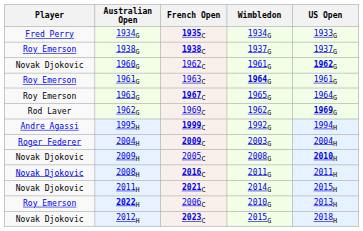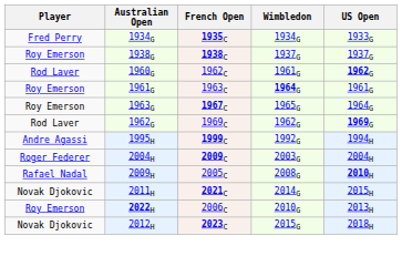 <table class="wikitable sortable nowrap col1left" style="text-align:center">
 <tr>
 <th width=140; class="unsortable">Player</th>
 <th width=100;>Australian Open</th>
 <th width=100;>French Open</th>
 <th width=100;>Wimbledon</th>
 <th width=100;>US Open</th>
 </tr>
 <tr>
 <td> <a href='#'>Fred Perry</a></td>
 <td style="background: #f2ffe6;"><a href='#'>1934</a><sub>G</sub></td>
 <td style="background: #f9f0eb;"><strong><a href='#'>1935</a></strong><sub>C</sub></td>
 <td style="background: #f2ffe6;"><a href='#'>1934</a><sub>G</sub></td>
 <td style="background: #f2ffe6;"><a href='#'>1933</a><sub>G</sub></td>
 </tr>
 <tr>
 <td> <a href='#'>Roy Emerson</a></td>
 <td style="background: #f2ffe6;"><a href='#'>1938</a><sub>G</sub></td>
 <td style="background: #f9f0eb;"><strong><a href='#'>1938</a></strong><sub>C</sub></td>
 <td style="background: #f2ffe6;"><a href='#'>1937</a><sub>G</sub></td>
 <td style="background: #f2ffe6;"><a href='#'>1937</a><sub>G</sub></td>
 </tr>
 <tr>
-<td> Novak Djokovic </td>
+<td> <a href='#'>Rod Laver</a></td>
 <td style="background: #f2ffe6;"><a href='#'>1960</a><sub>G</sub></td>
 <td style="background: #f9f0eb;"><a href='#'>1962</a><sub>C</sub></td>
 <td style="background: #f2ffe6;"><a href='#'>1961</a><sub>G</sub></td>
 <td style="background: #f2ffe6;"><strong><a href='#'>1962</a></strong><sub>G</sub></td>
 </tr>
 <tr>
 <td> <a href='#'>Roy Emerson</a></td>
 <td style="background: #f2ffe6;"><a href='#'>1961</a><sub>G</sub></td>
 <td style="background: #f9f0eb;"><a href='#'>1963</a><sub>C</sub></td>
 <td style="background: #f2ffe6;"><strong><a href='#'>1964</a></strong><sub>G</sub></td>
 <td style="background: #f2ffe6;"><a href='#'>1961</a><sub>G</sub></td>
 </tr>
 <tr>
 <td> Roy Emerson </td>
 <td style="background: #f2ffe6;"><a href='#'>1963</a><sub>G</sub></td>
 <td style="background: #f9f0eb;"><strong><a href='#'>1967</a></strong><sub>C</sub></td>
 <td style="background: #f2ffe6;"><a href='#'>1965</a><sub>G</sub></td>
 <td style="background: #f2ffe6;"><a href='#'>1964</a><sub>G</sub></td>
 </tr>
 <tr>
 <td> Rod Laver </td>
 <td style="background: #f2ffe6;"><a href='#'>1962</a><sub>G</sub></td>
 <td style="background: #f9f0eb;"><a href='#'>1969</a><sub>C</sub></td>
 <td style="background: #f2ffe6;"><a href='#'>1962</a><sub>G</sub></td>
 <td style="background: #f2ffe6;"><strong><a href='#'>1969</a></strong><sub>G</sub></td>
 </tr>
 <tr>
 <td> <a href='#'>Andre Agassi</a></td>
 <td style="background: #e6f2ff;"><a href='#'>1995</a><sub>H</sub></td>
 <td style="background: #f9f0eb;"><strong><a href='#'>1999</a></strong><sub>C</sub></td>
 <td style="background: #f2ffe6;"><a href='#'>1992</a><sub>G</sub></td>
 <td style="background: #e6f2ff;"><a href='#'>1994</a><sub>H</sub></td>
 </tr>
 <tr>
 <td> <a href='#'>Roger Federer</a></td>
 <td style="background: #e6f2ff;"><a href='#'>2004</a><sub>H</sub></td>
 <td style="background: #f9f0eb;"><strong><a href='#'>2009</a></strong><sub>C</sub></td>
 <td style="background: #f2ffe6;"><a href='#'>2003</a><sub>G</sub></td>
 <td style="background: #e6f2ff;"><a href='#'>2004</a><sub>H</sub></td>
 </tr>
 <tr>
-<td> Novak Djokovic </td>
+<td> <a href='#'>Rafael Nadal</a></td>
 <td style="background: #e6f2ff;"><a href='#'>2009</a><sub>H</sub></td>
 <td style="background: #f9f0eb;"><a href='#'>2005</a><sub>C</sub></td>
 <td style="background: #f2ffe6;"><a href='#'>2008</a><sub>G</sub></td>
 <td style="background: #e6f2ff;"><strong><a href='#'>2010</a></strong><sub>H</sub></td>
-</tr>
-<tr>
-<td> <a href='#'>Novak Djokovic</a></td>
-<td style="background: #e6f2ff;"><a href='#'>2008</a><sub>H</sub></td>
-<td style="background: #f9f0eb;"><strong><a href='#'>2016</a></strong><sub>C</sub></td>
-<td style="background: #f2ffe6;"><a href='#'>2011</a><sub>G</sub></td>
-<td style="background: #e6f2ff;"><a href='#'>2011</a><sub>H</sub></td>
 </tr>
 <tr>
 <td> Novak Djokovic </td>
 <td style="background: #e6f2ff;"><a href='#'>2011</a><sub>H</sub></td>
 <td style="background: #f9f0eb;"><strong><a href='#'>2021</a></strong><sub>C</sub></td>
 <td style="background: #f2ffe6;"><a href='#'>2014</a><sub>G</sub></td>
 <td style="background: #e6f2ff;"><a href='#'>2015</a><sub>H</sub></td>
 </tr>
 <tr>
 <td> <a href='#'>Roy Emerson</a></td>
 <td style="background: #e6f2ff;"><strong><a href='#'>2022</a></strong><sub>H</sub></td>
 <td style="background: #f9f0eb;"><a href='#'>2006</a><sub>C</sub></td>
 <td style="background: #f2ffe6;"><a href='#'>2010</a><sub>G</sub></td>
 <td style="background: #e6f2ff;"><a href='#'>2013</a><sub>H</sub></td>
 </tr>
 <tr>
 <td> Novak Djokovic </td>
 <td style="background: #e6f2ff;"><a href='#'>2012</a><sub>H</sub></td>
 <td style="background: #f9f0eb;"><strong><a href='#'>2023</a></strong><sub>C</sub></td>
 <td style="background: #f2ffe6;"><a href='#'>2015</a><sub>G</sub></td>
 <td style="background: #e6f2ff;"><a href='#'>2018</a><sub>H</sub></td>
 </tr>
 </table>
